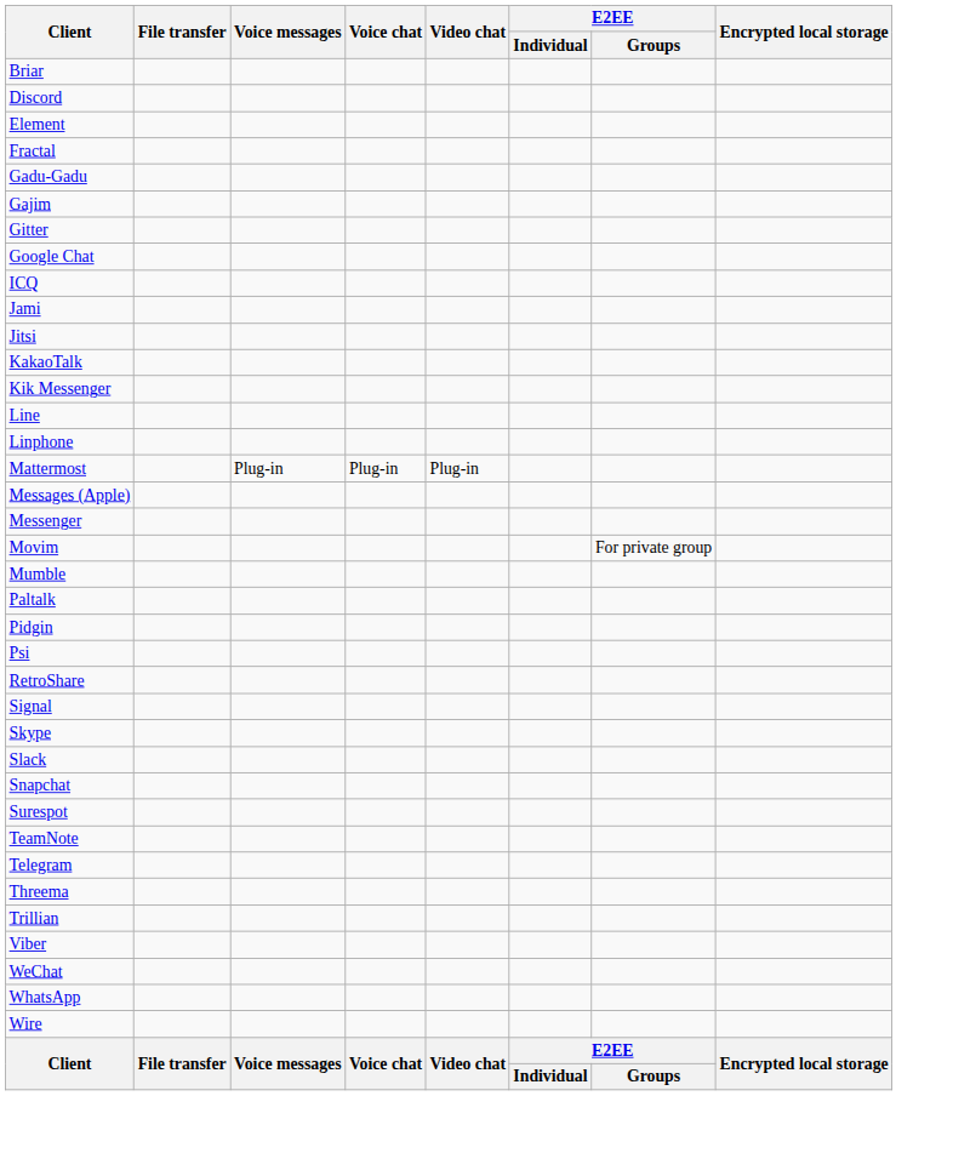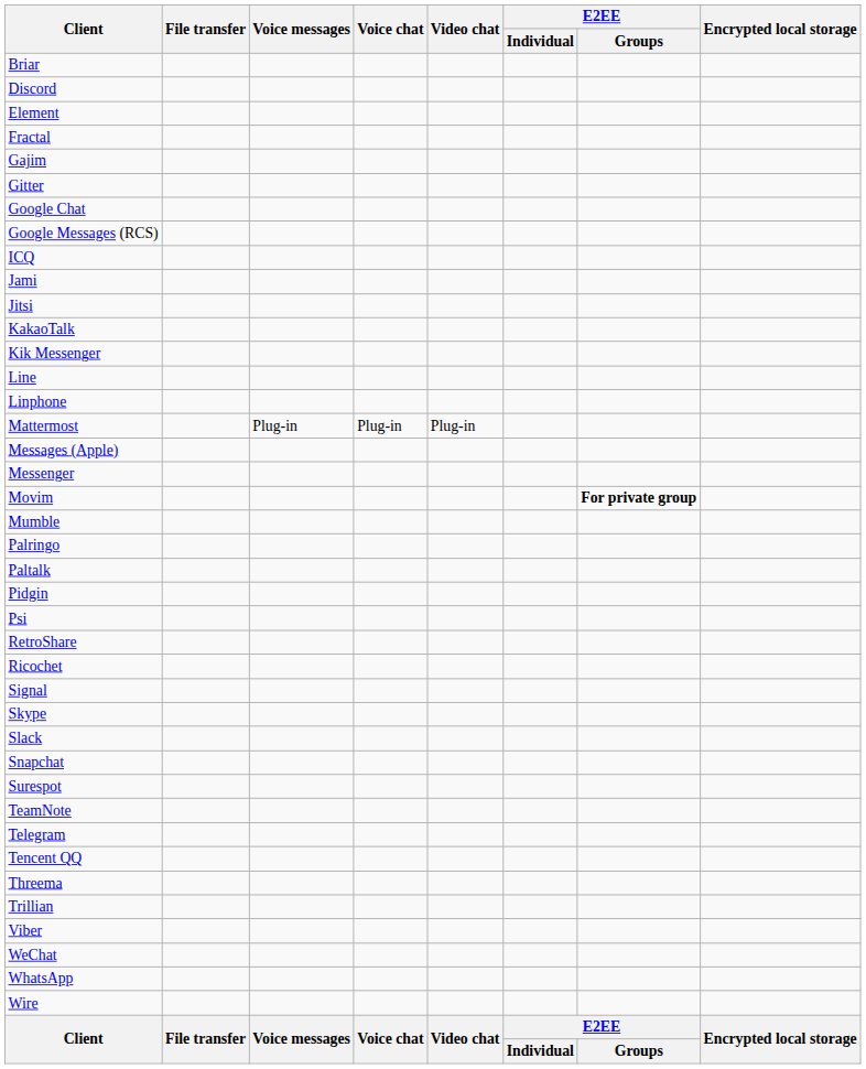 <table class="wikitable sortable sort-under sticky-header">
 <tr>
 <th rowspan="2">Client</th>
 <th rowspan="2">File transfer</th>
 <th rowspan="2">Voice messages</th>
 <th rowspan="2">Voice chat</th>
 <th rowspan="2">Video chat</th>
 <th colspan="2"><a href='#'>E2EE</a></th>
 <th rowspan="2">Encrypted local storage</th>
 </tr>
 <tr>
 <th>Individual</th>
 <th>Groups</th>
 </tr>
 <tr>
 <td><a href='#'>Briar</a></td>
 <td></td>
 <td></td>
 <td></td>
 <td></td>
 <td></td>
 <td></td>
 <td></td>
 </tr>
 <tr>
 <td><a href='#'>Discord</a></td>
 <td></td>
 <td></td>
 <td></td>
 <td></td>
 <td></td>
 <td></td>
 <td></td>
 </tr>
 <tr>
 <td><a href='#'>Element</a></td>
 <td></td>
 <td></td>
 <td></td>
 <td></td>
 <td></td>
 <td></td>
 <td></td>
 </tr>
 <tr>
 <td><a href='#'>Fractal</a></td>
 <td></td>
 <td></td>
 <td></td>
 <td></td>
 <td></td>
 <td></td>
 <td></td>
 </tr>
 <tr>
-<td><a href='#'>Gadu-Gadu</a></td>
-<td></td>
-<td></td>
-<td></td>
-<td></td>
-<td></td>
-<td></td>
-<td></td>
-</tr>
-<tr>
 <td><a href='#'>Gajim</a></td>
 <td></td>
 <td></td>
 <td></td>
 <td></td>
 <td></td>
 <td></td>
 <td></td>
 </tr>
 <tr>
 <td><a href='#'>Gitter</a></td>
 <td></td>
 <td></td>
 <td></td>
 <td></td>
 <td></td>
 <td></td>
 <td></td>
 </tr>
 <tr>
 <td><a href='#'>Google Chat</a></td>
+<td></td>
+<td></td>
+<td></td>
+<td></td>
+<td></td>
+<td></td>
+<td></td>
+</tr>
+<tr>
+<td><a href='#'>Google Messages</a> (RCS)</td>
 <td></td>
 <td></td>
 <td></td>
 <td></td>
 <td></td>
 <td></td>
 <td></td>
 </tr>
 <tr>
 <td><a href='#'>ICQ</a></td>
 <td></td>
 <td></td>
 <td></td>
 <td></td>
 <td></td>
 <td></td>
 <td></td>
 </tr>
 <tr>
 <td><a href='#'>Jami</a></td>
 <td></td>
 <td></td>
 <td></td>
 <td></td>
 <td></td>
 <td></td>
 <td></td>
 </tr>
 <tr>
 <td><a href='#'>Jitsi</a></td>
 <td></td>
 <td></td>
 <td></td>
 <td></td>
 <td></td>
 <td></td>
 <td></td>
 </tr>
 <tr>
 <td><a href='#'>KakaoTalk</a></td>
 <td></td>
 <td></td>
 <td></td>
 <td></td>
 <td></td>
 <td></td>
 <td></td>
 </tr>
 <tr>
 <td><a href='#'>Kik Messenger</a></td>
 <td></td>
 <td></td>
 <td></td>
 <td></td>
 <td></td>
 <td></td>
 <td></td>
 </tr>
 <tr>
 <td><a href='#'>Line</a></td>
 <td></td>
 <td></td>
 <td></td>
 <td></td>
 <td></td>
 <td></td>
 <td></td>
 </tr>
 <tr>
 <td><a href='#'>Linphone</a></td>
 <td></td>
 <td></td>
 <td></td>
 <td></td>
 <td></td>
 <td></td>
 <td></td>
 </tr>
 <tr>
 <td><a href='#'>Mattermost</a></td>
 <td></td>
 <td>Plug-in</td>
 <td>Plug-in</td>
 <td>Plug-in</td>
 <td></td>
 <td></td>
 <td></td>
 </tr>
 <tr>
 <td><a href='#'>Messages (Apple)</a></td>
 <td></td>
 <td></td>
 <td></td>
 <td></td>
 <td></td>
 <td></td>
 <td></td>
 </tr>
 <tr>
 <td><a href='#'>Messenger</a></td>
 <td></td>
 <td></td>
 <td></td>
 <td></td>
 <td></td>
 <td></td>
 <td></td>
 </tr>
 <tr>
 <td><a href='#'>Movim</a></td>
 <td></td>
 <td></td>
 <td></td>
 <td></td>
 <td></td>
-<td>For private group</td>
+<td><strong>For private group</strong></td>
 <td></td>
 </tr>
 <tr>
 <td><a href='#'>Mumble</a></td>
+<td></td>
+<td></td>
+<td></td>
+<td></td>
+<td></td>
+<td></td>
+<td></td>
+</tr>
+<tr>
+<td><a href='#'>Palringo</a></td>
 <td></td>
 <td></td>
 <td></td>
 <td></td>
 <td></td>
 <td></td>
 <td></td>
 </tr>
 <tr>
 <td><a href='#'>Paltalk</a></td>
 <td></td>
 <td></td>
 <td></td>
 <td></td>
 <td></td>
 <td></td>
 <td></td>
 </tr>
 <tr>
 <td><a href='#'>Pidgin</a></td>
 <td></td>
 <td></td>
 <td></td>
 <td></td>
 <td></td>
 <td></td>
 <td></td>
 </tr>
 <tr>
 <td><a href='#'>Psi</a></td>
 <td></td>
 <td></td>
 <td></td>
 <td></td>
 <td></td>
 <td></td>
 <td></td>
 </tr>
 <tr>
 <td><a href='#'>RetroShare</a></td>
+<td></td>
+<td></td>
+<td></td>
+<td></td>
+<td></td>
+<td></td>
+<td></td>
+</tr>
+<tr>
+<td><a href='#'>Ricochet</a></td>
 <td></td>
 <td></td>
 <td></td>
 <td></td>
 <td></td>
 <td></td>
 <td></td>
 </tr>
 <tr>
 <td><a href='#'>Signal</a></td>
 <td></td>
 <td></td>
 <td></td>
 <td></td>
 <td></td>
 <td></td>
 <td></td>
 </tr>
 <tr>
 <td><a href='#'>Skype</a></td>
 <td></td>
 <td></td>
 <td></td>
 <td></td>
 <td></td>
 <td></td>
 <td></td>
 </tr>
 <tr>
 <td><a href='#'>Slack</a></td>
 <td></td>
 <td></td>
 <td></td>
 <td></td>
 <td></td>
 <td></td>
 <td></td>
 </tr>
 <tr>
 <td><a href='#'>Snapchat</a></td>
 <td></td>
 <td></td>
 <td></td>
 <td></td>
 <td></td>
 <td></td>
 <td></td>
 </tr>
 <tr>
 <td><a href='#'>Surespot</a></td>
 <td></td>
 <td></td>
 <td></td>
 <td></td>
 <td></td>
 <td></td>
 <td></td>
 </tr>
 <tr>
 <td><a href='#'>TeamNote</a></td>
 <td></td>
 <td></td>
 <td></td>
 <td></td>
 <td></td>
 <td></td>
 <td></td>
 </tr>
 <tr>
 <td><a href='#'>Telegram</a></td>
+<td></td>
+<td></td>
+<td></td>
+<td></td>
+<td></td>
+<td></td>
+<td></td>
+</tr>
+<tr>
+<td><a href='#'>Tencent QQ</a></td>
 <td></td>
 <td></td>
 <td></td>
 <td></td>
 <td></td>
 <td></td>
 <td></td>
 </tr>
 <tr>
 <td><a href='#'>Threema</a></td>
 <td></td>
 <td></td>
 <td></td>
 <td></td>
 <td></td>
 <td></td>
 <td></td>
 </tr>
 <tr>
 <td><a href='#'>Trillian</a></td>
 <td></td>
 <td></td>
 <td></td>
 <td></td>
 <td></td>
 <td></td>
 <td></td>
 </tr>
 <tr>
 <td><a href='#'>Viber</a></td>
 <td></td>
 <td></td>
 <td></td>
 <td></td>
 <td></td>
 <td></td>
 <td></td>
 </tr>
 <tr>
 <td><a href='#'>WeChat</a></td>
 <td></td>
 <td></td>
 <td></td>
 <td></td>
 <td></td>
 <td></td>
 <td></td>
 </tr>
 <tr>
 <td><a href='#'>WhatsApp</a></td>
 <td></td>
 <td></td>
 <td></td>
 <td></td>
 <td></td>
 <td></td>
 <td></td>
 </tr>
 <tr>
 <td><a href='#'>Wire</a></td>
 <td></td>
 <td></td>
 <td></td>
 <td></td>
 <td></td>
 <td></td>
 <td></td>
 </tr>
 <tr>
 <th rowspan="2">Client</th>
 <th rowspan="2">File transfer</th>
 <th rowspan="2">Voice messages</th>
 <th rowspan="2">Voice chat</th>
 <th rowspan="2">Video chat</th>
 <th colspan="2"><a href='#'>E2EE</a></th>
 <th rowspan="2">Encrypted local storage</th>
 </tr>
 <tr>
 <th>Individual</th>
 <th>Groups</th>
 </tr>
 </table>
